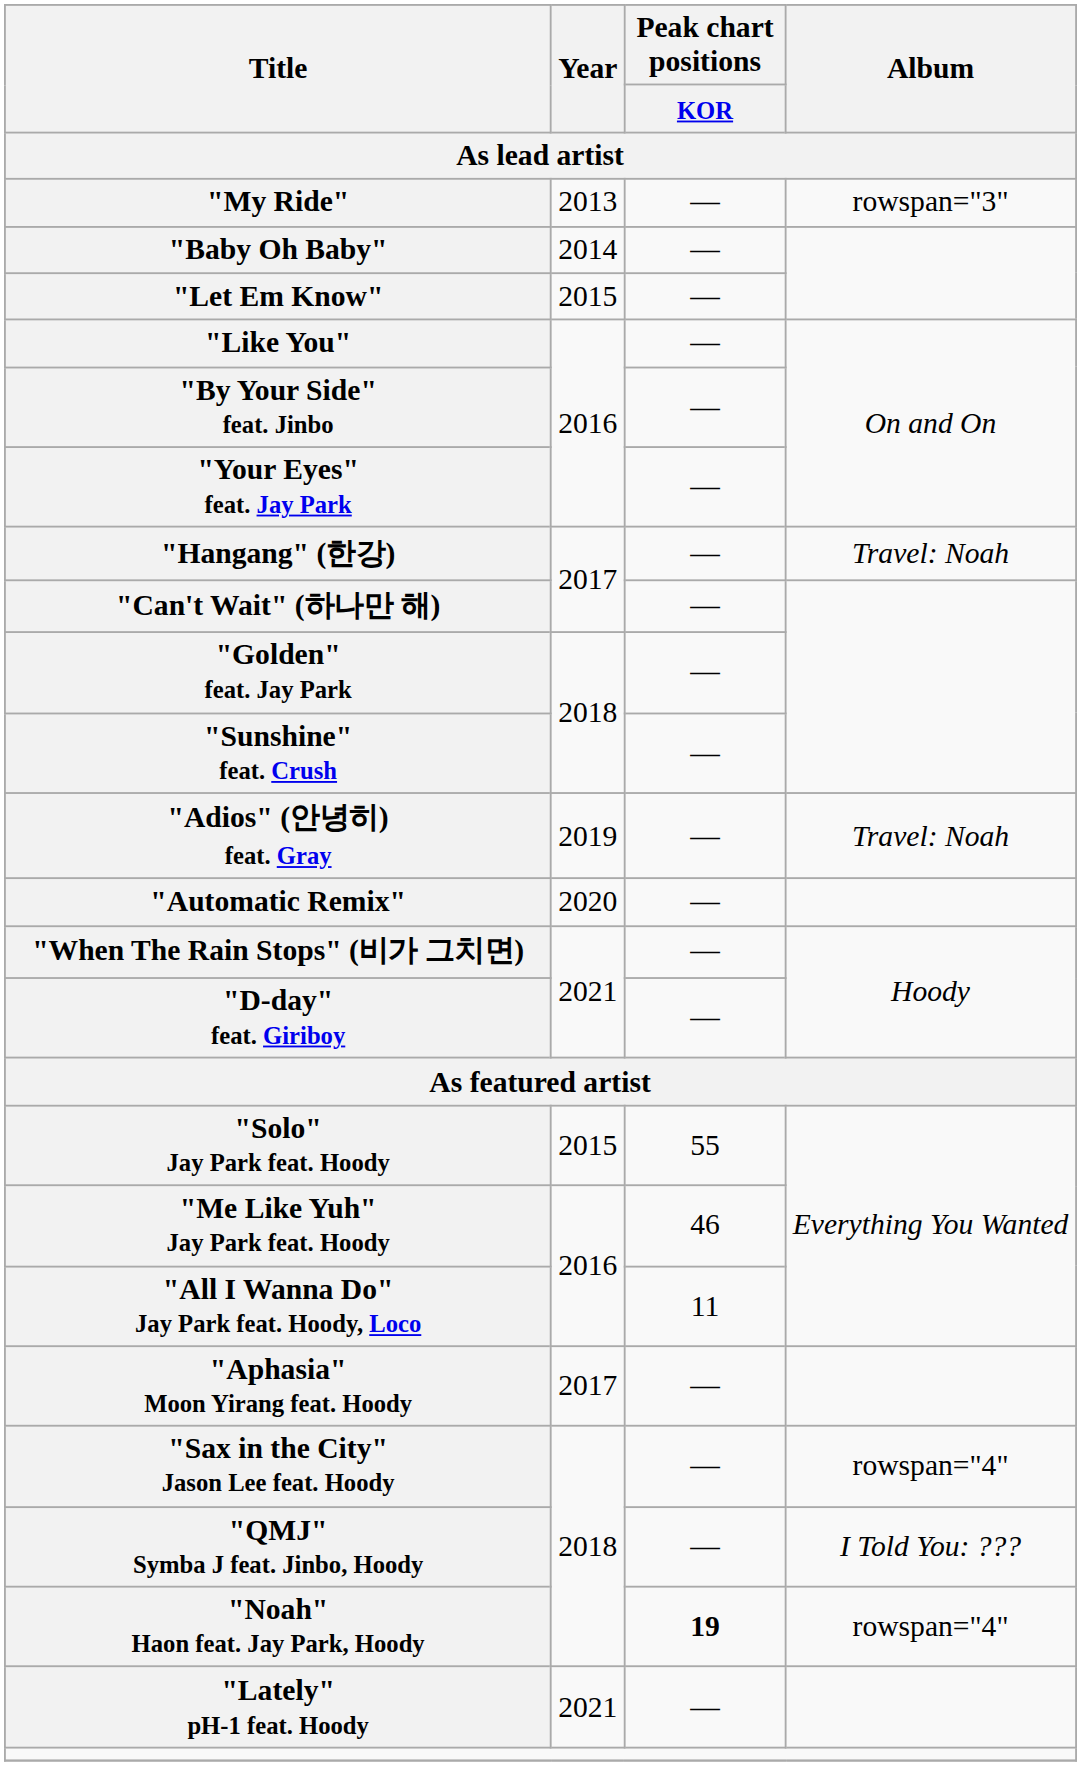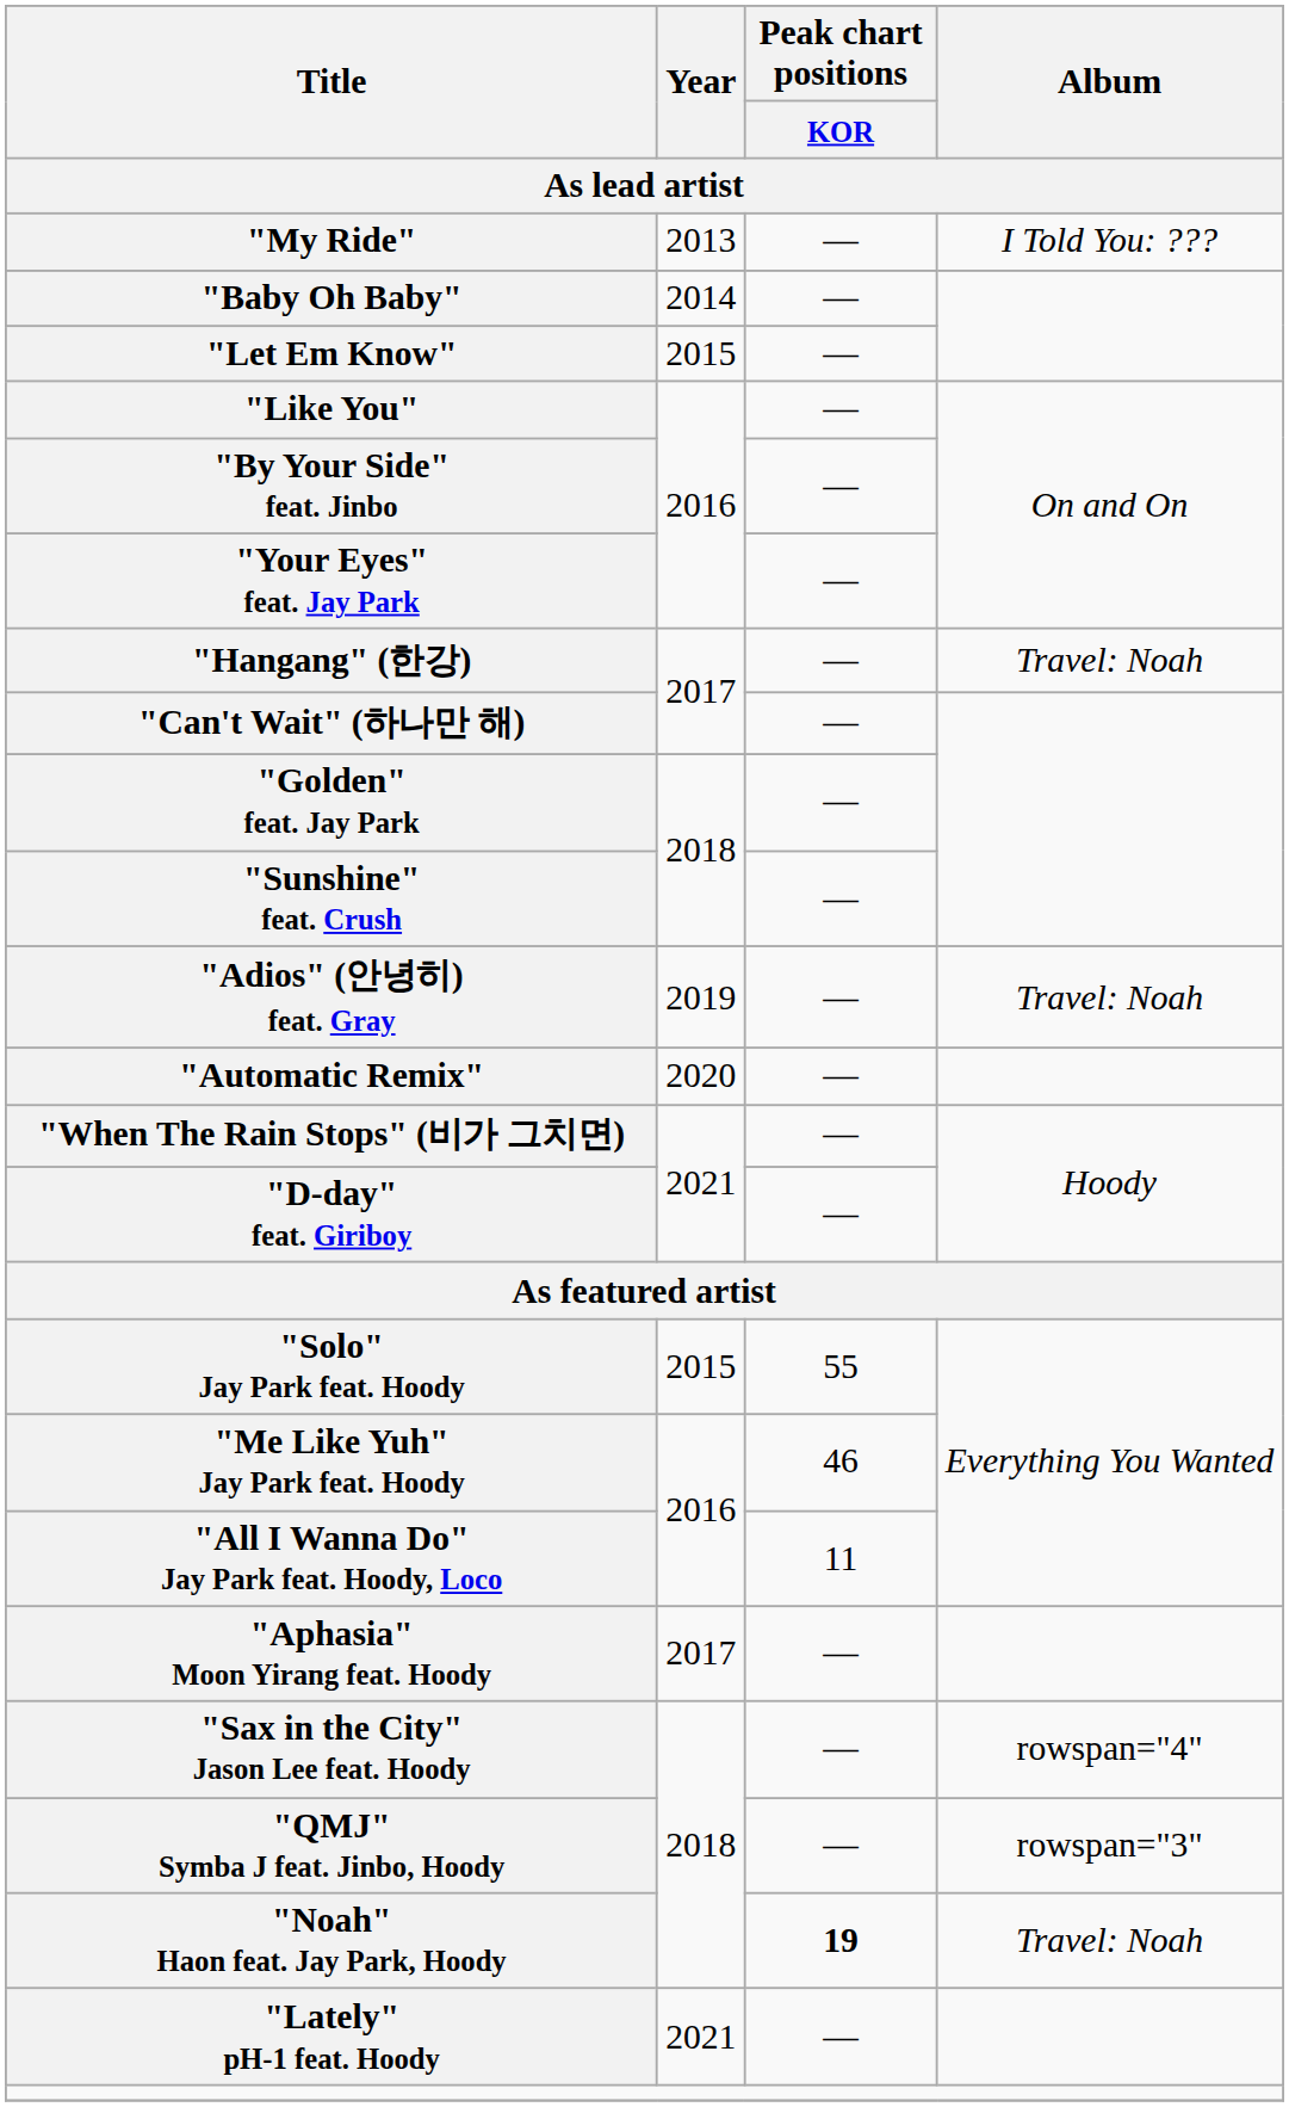 <table class="wikitable plainrowheaders" style="text-align:center;">
 <tr>
 <th rowspan="2" scope="col"  style="width:18em;">Title</th>
 <th rowspan="2" scope="col">Year</th>
 <th colspan="1" scope="col" style="width:5em;">Peak chart positions</th>
 <th rowspan="2">Album</th>
 </tr>
 <tr>
 <th><small><a href='#'>KOR</a></small><br></th>
 </tr>
 <tr>
 <th colspan="4">As lead artist</th>
 </tr>
 <tr>
 <th scope="row">"My Ride"</th>
 <td>2013</td>
 <td>—</td>
-<td>rowspan="3" </td>
+<td><em>I Told You: ???</em></td>
 </tr>
 <tr>
 <th scope="row">"Baby Oh Baby"</th>
 <td>2014</td>
 <td>—</td>
 </tr>
 <tr>
 <th scope="row">"Let Em Know"</th>
 <td>2015</td>
 <td>—</td>
 </tr>
 <tr>
 <th scope="row">"Like You"</th>
 <td rowspan="3">2016</td>
 <td>—</td>
 <td rowspan="3"><em>On and On</em></td>
 </tr>
 <tr>
 <th scope="row">"By Your Side"<br><small>feat. Jinbo</small></th>
 <td>—</td>
 </tr>
 <tr>
 <th scope="row">"Your Eyes"<br><small>feat. <a href='#'>Jay Park</a></small></th>
 <td>—</td>
 </tr>
 <tr>
 <th scope="row">"Hangang" (한강)</th>
 <td rowspan="2">2017</td>
 <td>—</td>
 <td><em>Travel: Noah</em></td>
 </tr>
 <tr>
 <th scope="row">"Can't Wait" (하나만 해)</th>
 <td>—</td>
 </tr>
 <tr>
 <th scope="row">"Golden"<br><small>feat. Jay Park</small></th>
 <td rowspan="2">2018</td>
 <td>—</td>
 </tr>
 <tr>
 <th scope="row">"Sunshine"<br><small>feat. <a href='#'>Crush</a></small></th>
 <td>—</td>
 </tr>
 <tr>
 <th scope="row">"Adios" (안녕히)<br><small>feat. <a href='#'>Gray</a></small></th>
 <td>2019</td>
 <td>—</td>
 <td><em>Travel: Noah</em></td>
 </tr>
 <tr>
 <th scope="row">"Automatic Remix"<br></th>
 <td>2020</td>
 <td>—</td>
 <td></td>
 </tr>
 <tr>
 <th scope="row">"When The Rain Stops" (비가 그치면)</th>
 <td rowspan="2">2021</td>
 <td>—</td>
 <td rowspan="2"><em>Hoody</em></td>
 </tr>
 <tr>
 <th scope="row">"D-day"<br><small>feat. <a href='#'>Giriboy</a></small></th>
 <td>—</td>
 </tr>
 <tr>
 <th colspan="4">As featured artist</th>
 </tr>
 <tr>
 <th scope="row">"Solo"<br><small>Jay Park feat. Hoody</small></th>
 <td>2015</td>
 <td>55</td>
 <td rowspan="3"><em>Everything You Wanted</em></td>
 </tr>
 <tr>
 <th scope="row">"Me Like Yuh"<br><small>Jay Park feat. Hoody</small></th>
 <td rowspan="2">2016</td>
 <td>46</td>
 </tr>
 <tr>
 <th scope="row">"All I Wanna Do"<br><small>Jay Park feat. Hoody, <a href='#'>Loco</a></small></th>
 <td>11</td>
 </tr>
 <tr>
 <th scope="row">"Aphasia"<br><small>Moon Yirang feat. Hoody</small></th>
 <td>2017</td>
 <td>—</td>
 <td></td>
 </tr>
 <tr>
 <th scope="row">"Sax in the City"<br><small>Jason Lee feat. Hoody</small></th>
 <td rowspan="3">2018</td>
 <td>—</td>
 <td>rowspan="4" </td>
 </tr>
 <tr>
 <th scope="row">"QMJ"<br><small>Symba J feat. Jinbo, Hoody</small></th>
 <td>—</td>
-<td><em>I Told You: ???</em></td>
+<td>rowspan="3" </td>
 </tr>
 <tr>
 <th scope="row">"Noah"<br><small>Haon feat. Jay Park, Hoody</small></th>
 <td><strong>19</strong></td>
-<td>rowspan="4" </td>
+<td><em>Travel: Noah</em></td>
 </tr>
 <tr>
 <th scope="row">"Lately"<br><small>pH-1 feat. Hoody</small></th>
 <td>2021</td>
 <td>—</td>
 <td></td>
 </tr>
 <tr>
 <td colspan="4"></td>
 </tr>
 <tr>
 </tr>
 </table>
